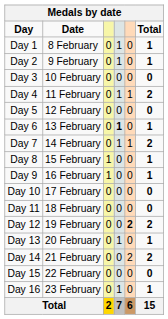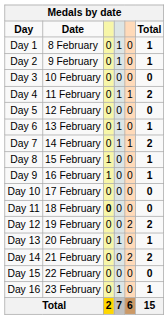 <table class=wikitable style="font-size:85%;float:right;clear:right;">
 <tr bgcolor=efefef>
 <th colspan=6>Medals by date</th>
 </tr>
 <tr align=center>
 <td><strong>Day</strong></td>
 <td><strong>Date</strong></td>
 <td bgcolor=#f7f6a8></td>
 <td bgcolor=#dce5e5></td>
 <td bgcolor=#ffdab9></td>
 <td><strong>Total</strong></td>
 </tr>
 <tr align=center>
 <td>Day 1</td>
 <td>8 February</td>
 <td bgcolor=F7F6A8>0</td>
 <td bgcolor=DCE5E5>1</td>
 <td bgcolor=FFDAB9>0</td>
 <td><strong>1</strong></td>
 </tr>
 <tr align=center>
 <td>Day 2</td>
 <td>9 February</td>
 <td bgcolor=F7F6A8>0</td>
 <td bgcolor=DCE5E5>1</td>
 <td bgcolor=FFDAB9>0</td>
 <td><strong>1</strong></td>
 </tr>
 <tr align=center>
 <td>Day 3</td>
 <td>10 February</td>
 <td bgcolor=F7F6A8>0</td>
 <td bgcolor=DCE5E5>0</td>
 <td bgcolor=FFDAB9>0</td>
 <td><strong>0</strong></td>
 </tr>
 <tr align=center>
 <td>Day 4</td>
 <td>11 February</td>
 <td bgcolor=F7F6A8>0</td>
 <td bgcolor=DCE5E5>1</td>
 <td bgcolor=FFDAB9>1</td>
 <td><strong>2</strong></td>
 </tr>
 <tr align=center>
 <td>Day 5</td>
 <td>12 February</td>
 <td bgcolor=F7F6A8>0</td>
 <td bgcolor=DCE5E5>0</td>
 <td bgcolor=FFDAB9>0</td>
 <td><strong>0</strong></td>
 </tr>
 <tr align=center>
 <td>Day 6</td>
 <td>13 February</td>
 <td bgcolor=F7F6A8>0</td>
-<td bgcolor=DCE5E5><strong>1</strong></td>
+<td bgcolor=DCE5E5>1</td>
 <td bgcolor=FFDAB9>0</td>
 <td><strong>1</strong></td>
 </tr>
 <tr align=center>
 <td>Day 7</td>
 <td>14 February</td>
 <td bgcolor=F7F6A8>0</td>
 <td bgcolor=DCE5E5>1</td>
 <td bgcolor=FFDAB9>1</td>
 <td><strong>2</strong></td>
 </tr>
 <tr align=center>
 <td>Day 8</td>
 <td>15 February</td>
 <td bgcolor=F7F6A8>1</td>
 <td bgcolor=DCE5E5>0</td>
 <td bgcolor=FFDAB9>0</td>
 <td><strong>1</strong></td>
 </tr>
 <tr align=center>
 <td>Day 9</td>
 <td>16 February</td>
 <td bgcolor=F7F6A8>1</td>
 <td bgcolor=DCE5E5>0</td>
 <td bgcolor=FFDAB9>0</td>
 <td><strong>1</strong></td>
 </tr>
 <tr align=center>
 <td>Day 10</td>
 <td>17 February</td>
 <td bgcolor=F7F6A8>0</td>
 <td bgcolor=DCE5E5>0</td>
 <td bgcolor=FFDAB9>0</td>
 <td><strong>0</strong></td>
 </tr>
 <tr align=center>
 <td>Day 11</td>
 <td>18 February</td>
-<td bgcolor=F7F6A8>0</td>
+<td bgcolor=F7F6A8><strong>0</strong></td>
 <td bgcolor=DCE5E5>0</td>
 <td bgcolor=FFDAB9>0</td>
 <td><strong>0</strong></td>
 </tr>
 <tr align=center>
 <td>Day 12</td>
 <td>19 February</td>
 <td bgcolor=F7F6A8>0</td>
 <td bgcolor=DCE5E5>0</td>
-<td bgcolor=FFDAB9><strong>2</strong></td>
+<td bgcolor=FFDAB9>2</td>
 <td><strong>2</strong></td>
 </tr>
 <tr align=center>
 <td>Day 13</td>
 <td>20 February</td>
 <td bgcolor=F7F6A8>0</td>
 <td bgcolor=DCE5E5>1</td>
 <td bgcolor=FFDAB9>0</td>
 <td><strong>1</strong></td>
 </tr>
 <tr align=center>
 <td>Day 14</td>
 <td>21 February</td>
 <td bgcolor=F7F6A8>0</td>
 <td bgcolor=DCE5E5>0</td>
 <td bgcolor=FFDAB9>2</td>
 <td><strong>2</strong></td>
 </tr>
 <tr align=center>
 <td>Day 15</td>
 <td>22 February</td>
 <td bgcolor=F7F6A8>0</td>
 <td bgcolor=DCE5E5>0</td>
 <td bgcolor=FFDAB9>0</td>
 <td><strong>0</strong></td>
 </tr>
 <tr align=center>
 <td>Day 16</td>
 <td>23 February</td>
 <td bgcolor=F7F6A8>0</td>
 <td bgcolor=DCE5E5>1</td>
 <td bgcolor=FFDAB9>0</td>
 <td><strong>1</strong></td>
 </tr>
 <tr>
 <th colspan=2>Total</th>
 <th style="background:gold">2</th>
 <th style="background:silver">7</th>
 <th style="background:#c96">6</th>
 <th>15</th>
 </tr>
 </table>
